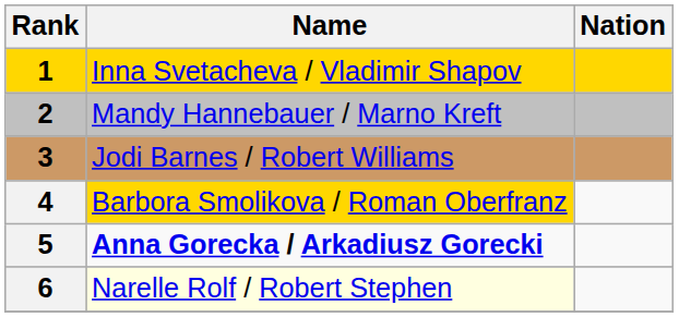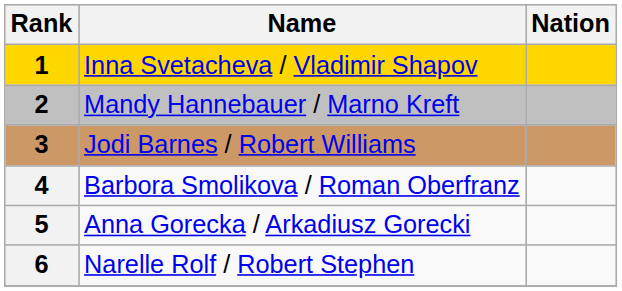 <table class="wikitable">
 <tr>
 <th>Rank</th>
 <th>Name</th>
 <th>Nation</th>
 </tr>
 <tr bgcolor="gold">
 <td align="center"><strong>1</strong></td>
 <td><a href='#'>Inna Svetacheva</a> / <a href='#'>Vladimir Shapov</a></td>
 <td></td>
 </tr>
 <tr bgcolor="silver">
 <td align="center"><strong>2</strong></td>
 <td><a href='#'>Mandy Hannebauer</a> / <a href='#'>Marno Kreft</a></td>
 <td></td>
 </tr>
 <tr bgcolor="cc9966">
 <td align="center"><strong>3</strong></td>
 <td><a href='#'>Jodi Barnes</a> / <a href='#'>Robert Williams</a></td>
 <td></td>
 </tr>
 <tr>
 <th>4</th>
-<td style="background: gold;"><a href='#'>Barbora Smolikova</a> / <a href='#'>Roman Oberfranz</a></td>
+<td><a href='#'>Barbora Smolikova</a> / <a href='#'>Roman Oberfranz</a></td>
 <td></td>
 </tr>
 <tr>
 <th>5</th>
-<td><strong><a href='#'>Anna Gorecka</a> / <a href='#'>Arkadiusz Gorecki</a></strong></td>
+<td><a href='#'>Anna Gorecka</a> / <a href='#'>Arkadiusz Gorecki</a></td>
 <td></td>
 </tr>
 <tr>
 <th>6</th>
-<td style="background: lightyellow;"><a href='#'>Narelle Rolf</a> / <a href='#'>Robert Stephen</a></td>
+<td><a href='#'>Narelle Rolf</a> / <a href='#'>Robert Stephen</a></td>
 <td></td>
 </tr>
 <tr>
 </tr>
 </table>
